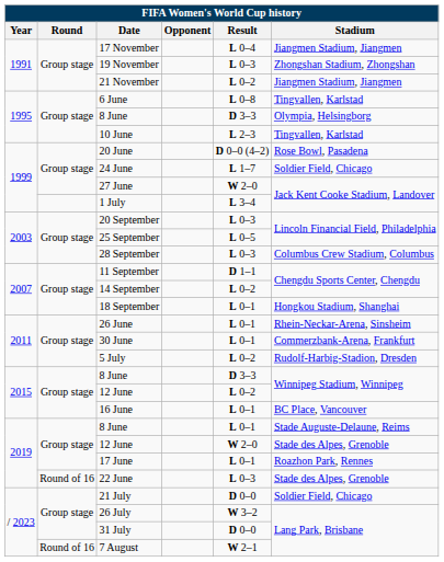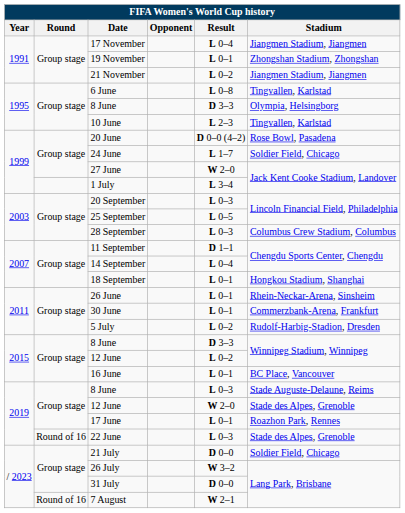 <table class="wikitable" style="text-align: center;font-size:100%;">
 <tr>
 <th colspan=6 style="background: #013A5E; color: #FFFFFF;">FIFA Women's World Cup history</th>
 </tr>
 <tr>
 <th>Year</th>
 <th>Round</th>
 <th>Date</th>
 <th>Opponent</th>
 <th>Result</th>
 <th>Stadium</th>
 </tr>
 <tr>
 <td rowspan=3> <a href='#'>1991</a></td>
 <td rowspan=3>Group stage</td>
 <td align="left">17 November</td>
 <td align="left"></td>
 <td><strong>L</strong> 0–4</td>
 <td align="left"><a href='#'>Jiangmen Stadium</a>, <a href='#'>Jiangmen</a></td>
 </tr>
 <tr>
 <td align="left">19 November</td>
 <td align="left"></td>
-<td><strong>L</strong> 0–3</td>
+<td><strong>L</strong> 0–1</td>
 <td align="left"><a href='#'>Zhongshan Stadium</a>, <a href='#'>Zhongshan</a></td>
 </tr>
 <tr>
 <td align="left">21 November</td>
 <td align="left"></td>
 <td><strong>L</strong> 0–2</td>
 <td align="left"><a href='#'>Jiangmen Stadium</a>, <a href='#'>Jiangmen</a></td>
 </tr>
 <tr>
 <td rowspan=3> <a href='#'>1995</a></td>
 <td rowspan=3>Group stage</td>
 <td align="left">6 June</td>
 <td align="left"></td>
 <td><strong>L</strong> 0–8</td>
 <td align="left"><a href='#'>Tingvallen</a>, <a href='#'>Karlstad</a></td>
 </tr>
 <tr>
 <td align="left">8 June</td>
 <td align="left"></td>
 <td><strong>D</strong> 3–3</td>
 <td align="left"><a href='#'>Olympia</a>, <a href='#'>Helsingborg</a></td>
 </tr>
 <tr>
 <td align="left">10 June</td>
 <td align="left"></td>
 <td><strong>L</strong> 2–3</td>
 <td align="left"><a href='#'>Tingvallen</a>, <a href='#'>Karlstad</a></td>
 </tr>
 <tr>
 <td rowspan=4> <a href='#'>1999</a></td>
 <td rowspan=3>Group stage</td>
 <td align="left">20 June</td>
 <td align="left"></td>
 <td><strong>D</strong> 0–0 (4–2)</td>
 <td align="left"><a href='#'>Rose Bowl</a>, <a href='#'>Pasadena</a></td>
 </tr>
 <tr>
 <td align="left">24 June</td>
 <td align="left"></td>
 <td><strong>L</strong> 1–7</td>
 <td align="left"><a href='#'>Soldier Field</a>, <a href='#'>Chicago</a></td>
 </tr>
 <tr>
 <td align="left">27 June</td>
 <td align="left"></td>
 <td><strong>W</strong> 2–0</td>
 <td rowspan=2 align="left"><a href='#'>Jack Kent Cooke Stadium</a>, <a href='#'>Landover</a></td>
 </tr>
 <tr>
 <td></td>
 <td align="left">1 July</td>
 <td align="left"></td>
 <td><strong>L</strong> 3–4 </td>
 </tr>
 <tr>
 <td rowspan=3> <a href='#'>2003</a></td>
 <td rowspan=3>Group stage</td>
 <td align="left">20 September</td>
 <td align="left"></td>
 <td><strong>L</strong> 0–3</td>
 <td rowspan=2 align="left"><a href='#'>Lincoln Financial Field</a>, <a href='#'>Philadelphia</a></td>
 </tr>
 <tr>
 <td align="left">25 September</td>
 <td align="left"></td>
 <td><strong>L</strong> 0–5</td>
 </tr>
 <tr>
 <td align="left">28 September</td>
 <td align="left"></td>
 <td><strong>L</strong> 0–3</td>
 <td align="left"><a href='#'>Columbus Crew Stadium</a>, <a href='#'>Columbus</a></td>
 </tr>
 <tr>
 <td rowspan=3> <a href='#'>2007</a></td>
 <td rowspan=3>Group stage</td>
 <td align="left">11 September</td>
 <td align="left"></td>
 <td><strong>D</strong> 1–1</td>
 <td rowspan=2 align="left"><a href='#'>Chengdu Sports Center</a>, <a href='#'>Chengdu</a></td>
 </tr>
 <tr>
 <td align="left">14 September</td>
 <td align="left"></td>
-<td><strong>L</strong> 0–2</td>
+<td><strong>L</strong> 0–4</td>
 </tr>
 <tr>
 <td align="left">18 September</td>
 <td align="left"></td>
 <td><strong>L</strong> 0–1</td>
 <td align="left"><a href='#'>Hongkou Stadium</a>, <a href='#'>Shanghai</a></td>
 </tr>
 <tr>
 <td rowspan=3> <a href='#'>2011</a></td>
 <td rowspan=3>Group stage</td>
 <td align="left">26 June</td>
 <td align="left"></td>
 <td><strong>L</strong> 0–1</td>
 <td align="left"><a href='#'>Rhein-Neckar-Arena</a>, <a href='#'>Sinsheim</a></td>
 </tr>
 <tr>
 <td align="left">30 June</td>
 <td align="left"></td>
 <td><strong>L</strong> 0–1</td>
 <td align="left"><a href='#'>Commerzbank-Arena</a>, <a href='#'>Frankfurt</a></td>
 </tr>
 <tr>
 <td align="left">5 July</td>
 <td align="left"></td>
 <td><strong>L</strong> 0–2</td>
 <td align="left"><a href='#'>Rudolf-Harbig-Stadion</a>, <a href='#'>Dresden</a></td>
 </tr>
 <tr>
 <td rowspan=3> <a href='#'>2015</a></td>
 <td rowspan=3>Group stage</td>
 <td align="left">8 June</td>
 <td align="left"></td>
 <td><strong>D</strong> 3–3</td>
 <td rowspan=2 align="left"><a href='#'>Winnipeg Stadium</a>, <a href='#'>Winnipeg</a></td>
 </tr>
 <tr>
 <td align="left">12 June</td>
 <td align="left"></td>
 <td><strong>L</strong> 0–2</td>
 </tr>
 <tr>
 <td align="left">16 June</td>
 <td align="left"></td>
 <td><strong>L</strong> 0–1</td>
 <td align="left"><a href='#'>BC Place</a>, <a href='#'>Vancouver</a></td>
 </tr>
 <tr>
 <td rowspan=4> <a href='#'>2019</a></td>
 <td rowspan=3>Group stage</td>
 <td align="left">8 June</td>
 <td align="left"></td>
-<td><strong>L</strong> 0–1</td>
+<td><strong>L</strong> 0–3</td>
 <td align="left"><a href='#'>Stade Auguste-Delaune</a>, <a href='#'>Reims</a></td>
 </tr>
 <tr>
 <td align="left">12 June</td>
 <td align="left"></td>
 <td><strong>W</strong> 2–0</td>
 <td align="left"><a href='#'>Stade des Alpes</a>, <a href='#'>Grenoble</a></td>
 </tr>
 <tr>
 <td align="left">17 June</td>
 <td align="left"></td>
 <td><strong>L</strong> 0–1</td>
 <td align="left"><a href='#'>Roazhon Park</a>, <a href='#'>Rennes</a></td>
 </tr>
 <tr>
 <td>Round of 16</td>
 <td align="left">22 June</td>
 <td align="left"></td>
 <td><strong>L</strong> 0–3</td>
 <td align="left"><a href='#'>Stade des Alpes</a>, <a href='#'>Grenoble</a></td>
 </tr>
 <tr>
 <td rowspan=4>/ <a href='#'>2023</a></td>
 <td rowspan=3>Group stage</td>
 <td align="left">21 July</td>
 <td align="left"></td>
 <td><strong>D</strong> 0–0</td>
 <td align="left"><a href='#'>Soldier Field</a>, <a href='#'>Chicago</a></td>
 </tr>
 <tr>
 <td align="left">26 July</td>
 <td align="left"></td>
 <td><strong>W</strong> 3–2</td>
 <td rowspan=3 align="left"><a href='#'>Lang Park</a>, <a href='#'>Brisbane</a></td>
 </tr>
 <tr>
 <td align="left">31 July</td>
 <td align="left"></td>
 <td><strong>D</strong> 0–0</td>
 </tr>
 <tr>
 <td>Round of 16</td>
 <td align="left">7 August</td>
 <td align="left"></td>
 <td><strong>W</strong> 2–1</td>
 </tr>
 </table>
